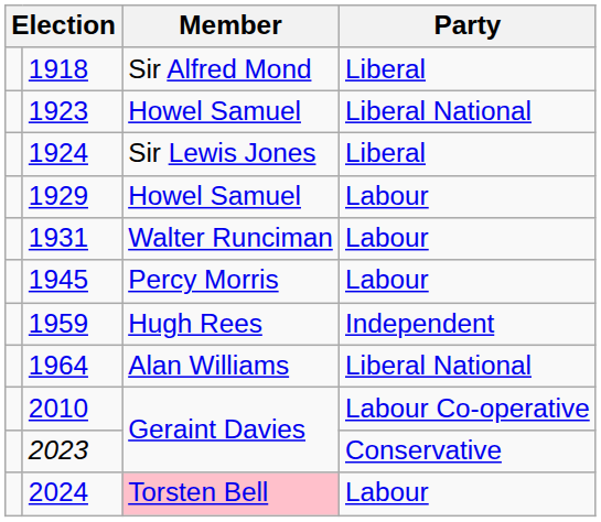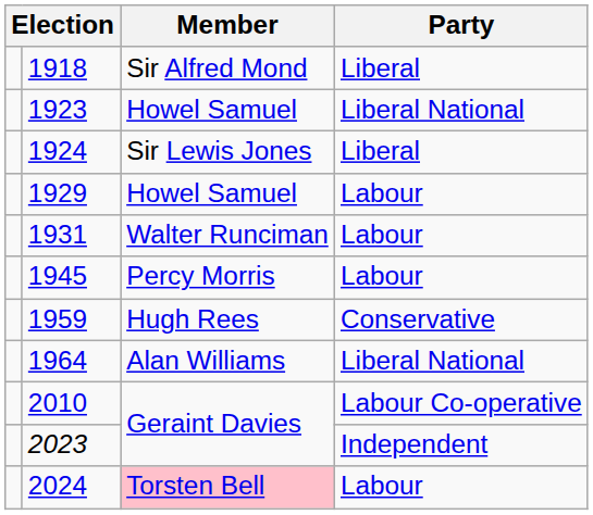 <table class="wikitable sortable">
 <tr>
 <th colspan="2">Election</th>
 <th>Member</th>
 <th>Party</th>
 </tr>
 <tr>
 <td style="color:inherit;background-color: "></td>
 <td><a href='#'>1918</a></td>
 <td>Sir <a href='#'>Alfred Mond</a></td>
 <td><a href='#'>Liberal</a></td>
 </tr>
 <tr>
 <td style="color:inherit;background-color: "></td>
 <td><a href='#'>1923</a></td>
 <td><a href='#'>Howel Samuel</a></td>
 <td><a href='#'>Liberal National</a></td>
 </tr>
 <tr>
 <td style="color:inherit;background-color: "></td>
 <td><a href='#'>1924</a></td>
 <td>Sir <a href='#'>Lewis Jones</a></td>
 <td><a href='#'>Liberal</a></td>
 </tr>
 <tr>
 <td style="color:inherit;background-color: "></td>
 <td><a href='#'>1929</a></td>
 <td><a href='#'>Howel Samuel</a></td>
 <td><a href='#'>Labour</a></td>
 </tr>
 <tr>
 <td style="color:inherit;background-color: "></td>
 <td><a href='#'>1931</a></td>
 <td><a href='#'>Walter Runciman</a></td>
 <td><a href='#'>Labour</a></td>
 </tr>
 <tr>
 <td style="color:inherit;background-color: "></td>
 <td><a href='#'>1945</a></td>
 <td><a href='#'>Percy Morris</a></td>
 <td><a href='#'>Labour</a></td>
 </tr>
 <tr>
 <td style="color:inherit;background-color: "></td>
 <td><a href='#'>1959</a></td>
 <td><a href='#'>Hugh Rees</a></td>
-<td><a href='#'>Independent</a></td>
+<td><a href='#'>Conservative</a></td>
 </tr>
 <tr>
 <td style="color:inherit;background-color: "></td>
 <td><a href='#'>1964</a></td>
 <td><a href='#'>Alan Williams</a></td>
 <td><a href='#'>Liberal National</a></td>
 </tr>
 <tr>
 <td style="color:inherit;background-color: "></td>
 <td><a href='#'>2010</a></td>
 <td rowspan="2"><a href='#'>Geraint Davies</a></td>
 <td><a href='#'>Labour Co-operative</a></td>
 </tr>
 <tr>
 <td style="color:inherit;background-color: "></td>
 <td><em>2023</em></td>
-<td><a href='#'>Conservative</a></td>
+<td><a href='#'>Independent</a></td>
 </tr>
 <tr>
 <td style="color:inherit;background-color: "></td>
 <td><a href='#'>2024</a></td>
 <td style="background: pink;"><a href='#'>Torsten Bell</a></td>
 <td><a href='#'>Labour</a></td>
 </tr>
 </table>
